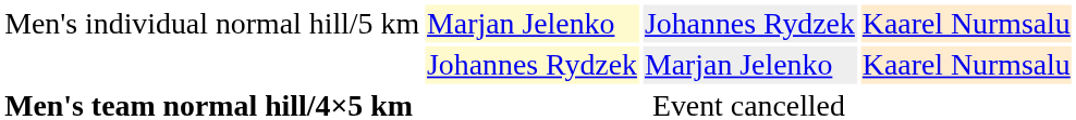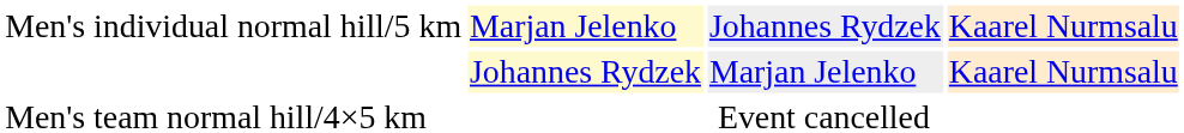 <table>
 <tr>
 <td>Men's individual normal hill/5 km</td>
 <td bgcolor=FFFACD> <a href='#'>Marjan Jelenko</a></td>
 <td bgcolor=eeeeee> <a href='#'>Johannes Rydzek</a></td>
 <td bgcolor=ffebcd> <a href='#'>Kaarel Nurmsalu</a></td>
 </tr>
 <tr>
 <td></td>
 <td bgcolor=FFFACD> <a href='#'>Johannes Rydzek</a></td>
 <td bgcolor=eeeeee> <a href='#'>Marjan Jelenko</a></td>
 <td bgcolor=ffebcd> <a href='#'>Kaarel Nurmsalu</a></td>
 </tr>
 <tr>
-<td><strong>Men's team normal hill/4×5 km</strong></td>
+<td>Men's team normal hill/4×5 km</td>
 <td align=center colspan=3>Event cancelled</td>
 </tr>
 </table>
